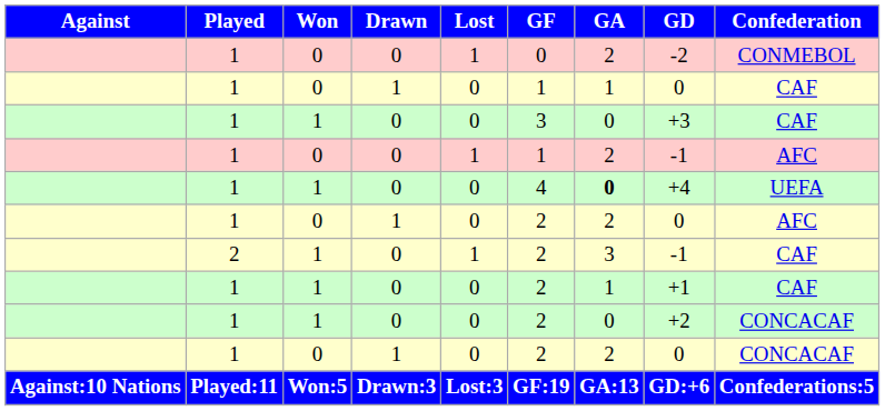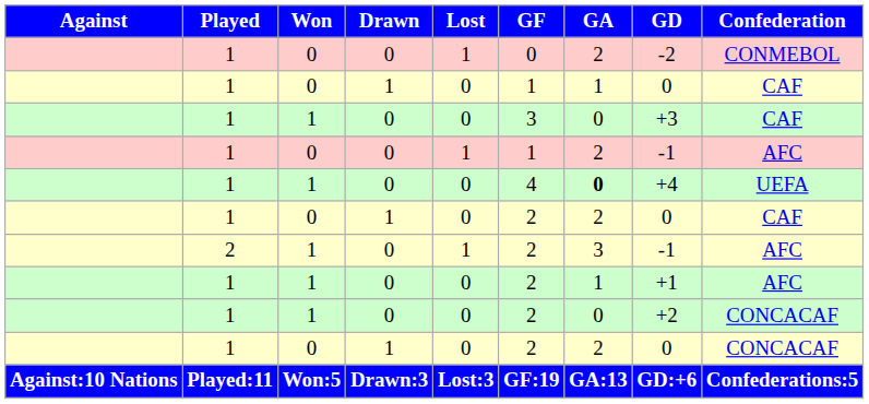 <table class="wikitable sortable collapsible" style="text-align: center; font-size: 100%;">
 <tr>
 <th style=background:blue;color:white>Against</th>
 <th style=background:blue;color:white>Played</th>
 <th style=background:blue;color:white>Won</th>
 <th style=background:blue;color:white>Drawn</th>
 <th style=background:blue;color:white>Lost</th>
 <th style=background:blue;color:white>GF</th>
 <th style=background:blue;color:white>GA</th>
 <th style=background:blue;color:white>GD</th>
 <th style=background:blue;color:white>Confederation</th>
 </tr>
 <tr bgcolor="#ffcccc">
 <td style="text-align:left;"></td>
 <td>1</td>
 <td>0</td>
 <td>0</td>
 <td>1</td>
 <td>0</td>
 <td>2</td>
 <td>-2</td>
 <td><a href='#'>CONMEBOL</a></td>
 </tr>
 <tr bgcolor="#ffffcc">
 <td style="text-align:left;"></td>
 <td>1</td>
 <td>0</td>
 <td>1</td>
 <td>0</td>
 <td>1</td>
 <td>1</td>
 <td>0</td>
 <td><a href='#'>CAF</a></td>
 </tr>
 <tr bgcolor="#ccffcc">
 <td style="text-align:left;"></td>
 <td>1</td>
 <td>1</td>
 <td>0</td>
 <td>0</td>
 <td>3</td>
 <td>0</td>
 <td>+3</td>
 <td><a href='#'>CAF</a></td>
 </tr>
 <tr bgcolor="#ffcccc">
 <td style="text-align:left;"></td>
 <td>1</td>
 <td>0</td>
 <td>0</td>
 <td>1</td>
 <td>1</td>
 <td>2</td>
 <td>-1</td>
 <td><a href='#'>AFC</a></td>
 </tr>
 <tr bgcolor="#ccffcc">
 <td style="text-align:left;"></td>
 <td>1</td>
 <td>1</td>
 <td>0</td>
 <td>0</td>
 <td>4</td>
 <td><strong>0</strong></td>
 <td>+4</td>
 <td><a href='#'>UEFA</a></td>
 </tr>
 <tr bgcolor="#ffffcc">
 <td style="text-align:left;"></td>
 <td>1</td>
 <td>0</td>
 <td>1</td>
 <td>0</td>
 <td>2</td>
 <td>2</td>
 <td>0</td>
-<td><a href='#'>AFC</a></td>
+<td><a href='#'>CAF</a></td>
 </tr>
 <tr bgcolor="#ffffcc">
 <td style="text-align:left;"></td>
 <td>2</td>
 <td>1</td>
 <td>0</td>
 <td>1</td>
 <td>2</td>
 <td>3</td>
 <td>-1</td>
-<td><a href='#'>CAF</a></td>
+<td><a href='#'>AFC</a></td>
 </tr>
 <tr bgcolor="#ccffcc">
 <td style="text-align:left;"></td>
 <td>1</td>
 <td>1</td>
 <td>0</td>
 <td>0</td>
 <td>2</td>
 <td>1</td>
 <td>+1</td>
-<td><a href='#'>CAF</a></td>
+<td><a href='#'>AFC</a></td>
 </tr>
 <tr bgcolor="#ccffcc">
 <td style="text-align:left;"></td>
 <td>1</td>
 <td>1</td>
 <td>0</td>
 <td>0</td>
 <td>2</td>
 <td>0</td>
 <td>+2</td>
 <td><a href='#'>CONCACAF</a></td>
 </tr>
 <tr bgcolor="#ffffcc">
 <td style="text-align:left;"></td>
 <td>1</td>
 <td>0</td>
 <td>1</td>
 <td>0</td>
 <td>2</td>
 <td>2</td>
 <td>0</td>
 <td><a href='#'>CONCACAF</a></td>
 </tr>
 <tr>
 <th style=background:blue;color:white>Against:10 Nations</th>
 <th style=background:blue;color:white>Played:11</th>
 <th style=background:blue;color:white>Won:5</th>
 <th style=background:blue;color:white>Drawn:3</th>
 <th style=background:blue;color:white>Lost:3</th>
 <th style=background:blue;color:white>GF:19</th>
 <th style=background:blue;color:white>GA:13</th>
 <th style=background:blue;color:white>GD:+6</th>
 <th style=background:blue;color:white>Confederations:5</th>
 </tr>
 <tr>
 </tr>
 </table>
